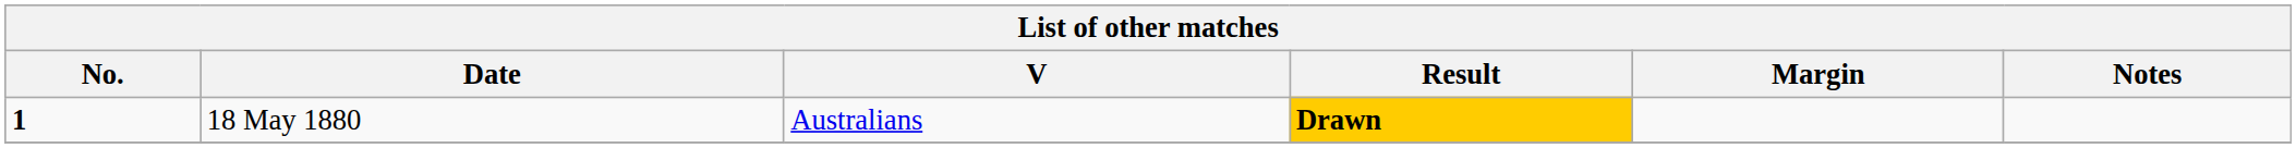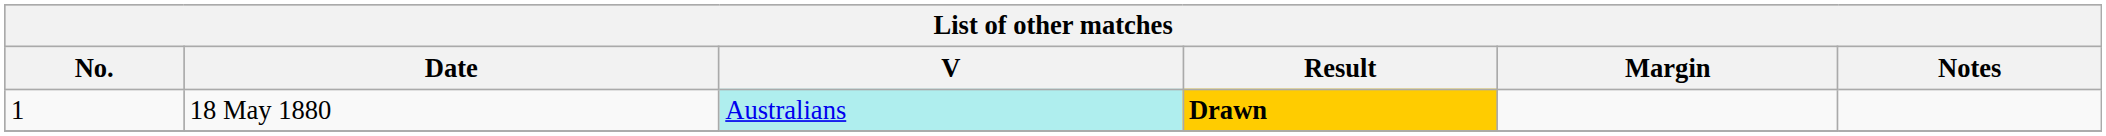 <table class="wikitable" width="100%">
 <tr>
 <th bgcolor="#efefef" colspan=6>List of other matches</th>
 </tr>
 <tr bgcolor="#efefef">
 <th>No.</th>
 <th>Date</th>
 <th>V</th>
 <th>Result</th>
 <th>Margin</th>
 <th>Notes</th>
 </tr>
 <tr>
-<td><strong>1</strong></td>
+<td>1</td>
 <td>18 May 1880</td>
-<td><a href='#'>Australians</a> <br> </td>
+<td style="background: paleturquoise;"><a href='#'>Australians</a> <br> </td>
 <td bgcolor="#FFCC00"><strong>Drawn</strong></td>
 <td></td>
 <td></td>
 </tr>
 <tr>
 </tr>
 </table>
